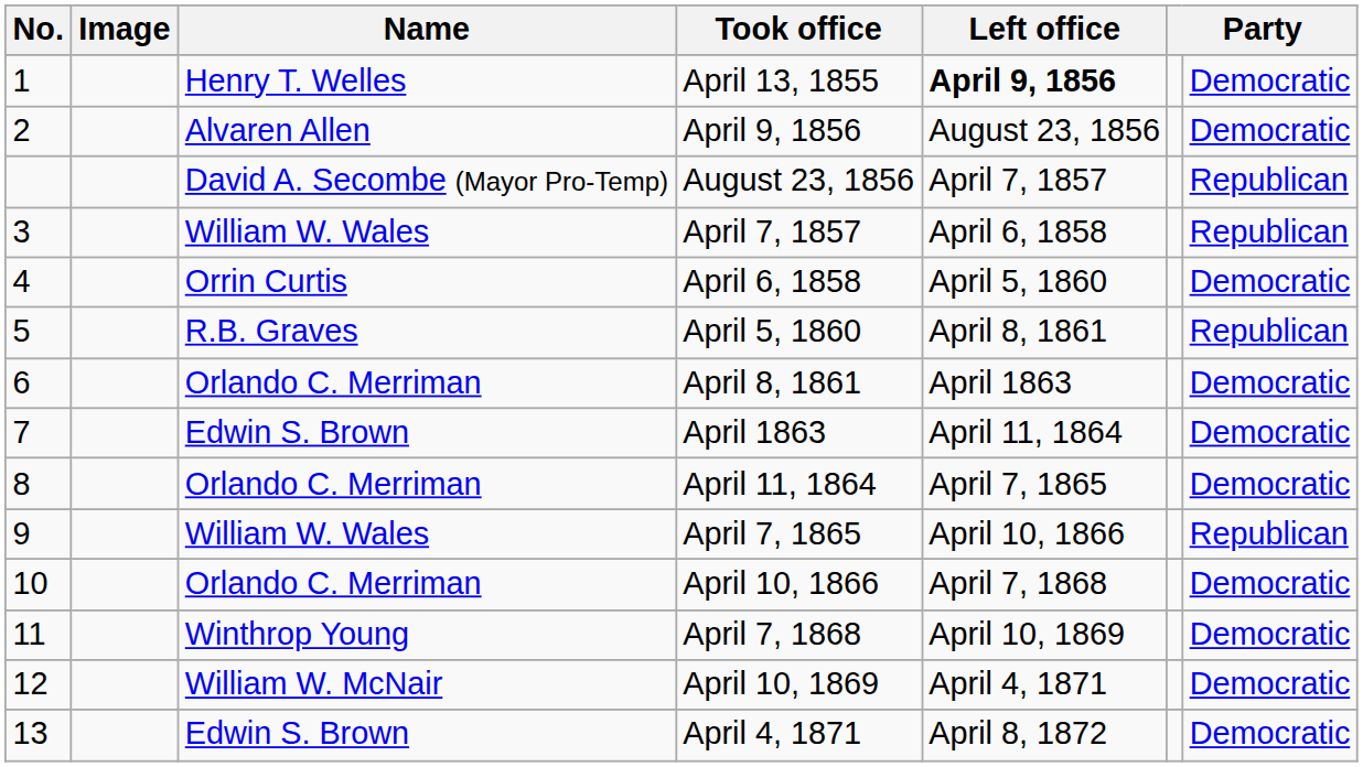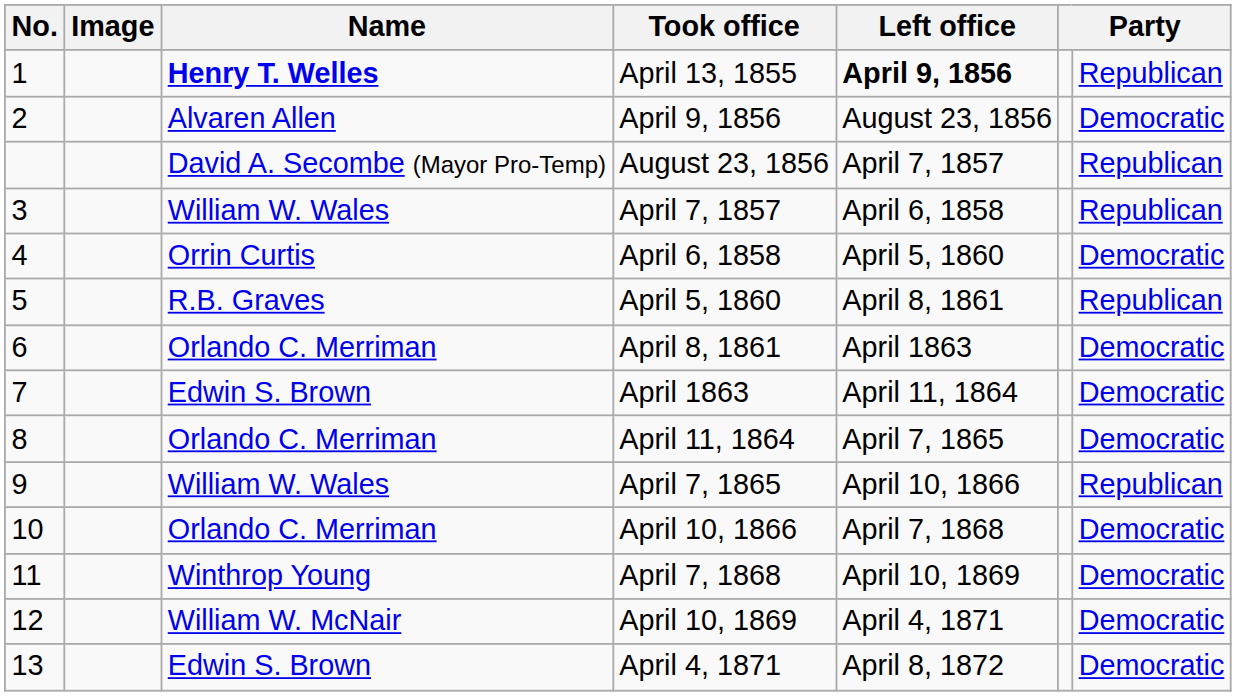 <table class="wikitable sortable">
 <tr>
 <th>No.</th>
 <th>Image</th>
 <th>Name</th>
 <th>Took office</th>
 <th>Left office</th>
 <th colspan="2">Party</th>
 </tr>
 <tr>
 <td>1</td>
 <td></td>
-<td><a href='#'>Henry T. Welles</a></td>
+<td><strong><a href='#'>Henry T. Welles</a></strong></td>
 <td>April 13, 1855</td>
 <td><strong>April 9, 1856</strong></td>
 <td style="background:"></td>
-<td><a href='#'>Democratic</a></td>
+<td><a href='#'>Republican</a></td>
 </tr>
 <tr>
 <td>2</td>
 <td></td>
 <td><a href='#'>Alvaren Allen</a></td>
 <td>April 9, 1856</td>
 <td>August 23, 1856</td>
 <td style="background:"></td>
 <td><a href='#'>Democratic</a></td>
 </tr>
 <tr>
 <td></td>
 <td></td>
 <td><a href='#'>David A. Secombe</a> <small>(Mayor Pro-Temp)</small></td>
 <td>August 23, 1856</td>
 <td>April 7, 1857</td>
 <td style="background:"></td>
 <td><a href='#'>Republican</a></td>
 </tr>
 <tr>
 <td>3</td>
 <td></td>
 <td><a href='#'>William W. Wales</a></td>
 <td>April 7, 1857</td>
 <td>April 6, 1858</td>
 <td style="background:"></td>
 <td><a href='#'>Republican</a></td>
 </tr>
 <tr>
 <td>4</td>
 <td></td>
 <td><a href='#'>Orrin Curtis</a></td>
 <td>April 6, 1858</td>
 <td>April 5, 1860</td>
 <td style="background:"></td>
 <td><a href='#'>Democratic</a></td>
 </tr>
 <tr>
 <td>5</td>
 <td></td>
 <td><a href='#'>R.B. Graves</a></td>
 <td>April 5, 1860</td>
 <td>April 8, 1861</td>
 <td style="background:"></td>
 <td><a href='#'>Republican</a></td>
 </tr>
 <tr>
 <td>6</td>
 <td></td>
 <td><a href='#'>Orlando C. Merriman</a></td>
 <td>April 8, 1861</td>
 <td>April 1863</td>
 <td style="background:"></td>
 <td><a href='#'>Democratic</a></td>
 </tr>
 <tr>
 <td>7</td>
 <td></td>
 <td><a href='#'>Edwin S. Brown</a></td>
 <td>April 1863</td>
 <td>April 11, 1864</td>
 <td style="background:"></td>
 <td><a href='#'>Democratic</a></td>
 </tr>
 <tr>
 <td>8</td>
 <td></td>
 <td><a href='#'>Orlando C. Merriman</a></td>
 <td>April 11, 1864</td>
 <td>April 7, 1865</td>
 <td style="background:"></td>
 <td><a href='#'>Democratic</a></td>
 </tr>
 <tr>
 <td>9</td>
 <td></td>
 <td><a href='#'>William W. Wales</a></td>
 <td>April 7, 1865</td>
 <td>April 10, 1866</td>
 <td style="background:"></td>
 <td><a href='#'>Republican</a></td>
 </tr>
 <tr>
 <td>10</td>
 <td></td>
 <td><a href='#'>Orlando C. Merriman</a></td>
 <td>April 10, 1866</td>
 <td>April 7, 1868</td>
 <td style="background:"></td>
 <td><a href='#'>Democratic</a></td>
 </tr>
 <tr>
 <td>11</td>
 <td></td>
 <td><a href='#'>Winthrop Young</a></td>
 <td>April 7, 1868</td>
 <td>April 10, 1869</td>
 <td style="background:"></td>
 <td><a href='#'>Democratic</a></td>
 </tr>
 <tr>
 <td>12</td>
 <td></td>
 <td><a href='#'>William W. McNair</a></td>
 <td>April 10, 1869</td>
 <td>April 4, 1871</td>
 <td style="background:"></td>
 <td><a href='#'>Democratic</a></td>
 </tr>
 <tr>
 <td>13</td>
 <td></td>
 <td><a href='#'>Edwin S. Brown</a></td>
 <td>April 4, 1871</td>
 <td>April 8, 1872</td>
 <td style="background:"></td>
 <td><a href='#'>Democratic</a></td>
 </tr>
 </table>
